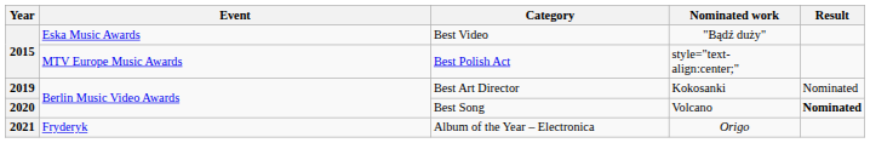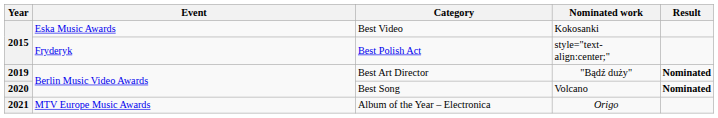 <table class="wikitable plainrowheaders" style="width:70%;">
 <tr>
 <th scope="col" style="width:4%;">Year</th>
 <th scope="col" style="width:50%;">Event</th>
 <th scope="col" style="width:30%;">Category</th>
 <th scope="col" style="width:50%;">Nominated work</th>
 <th scope="col" style="width:6%;">Result</th>
 </tr>
 <tr>
 <th scope="row" rowspan=2>2015</th>
 <td><a href='#'>Eska Music Awards</a></td>
 <td>Best Video</td>
-<td style="text-align:center;">"Bądź duży"</td>
+<td>Kokosanki</td>
 <td></td>
 </tr>
 <tr>
-<td><a href='#'>MTV Europe Music Awards</a></td>
+<td><a href='#'>Fryderyk</a></td>
 <td><a href='#'>Best Polish Act</a></td>
 <td>style="text-align:center;" </td>
 <td></td>
 </tr>
 <tr>
 <th>2019</th>
 <td rowspan="2"><a href='#'>Berlin Music Video Awards</a></td>
 <td>Best Art Director</td>
-<td>Kokosanki</td>
-<td>Nominated</td>
+<td style="text-align:center;">"Bądź duży"</td>
+<td><strong>Nominated</strong></td>
 </tr>
 <tr>
 <th>2020</th>
 <td>Best Song</td>
 <td>Volcano</td>
 <td><strong>Nominated</strong></td>
 </tr>
 <tr>
 <th scope="row">2021</th>
-<td><a href='#'>Fryderyk</a></td>
+<td><a href='#'>MTV Europe Music Awards</a></td>
 <td>Album of the Year – Electronica</td>
 <td style="text-align:center;"><em>Origo</em></td>
 <td></td>
 </tr>
 </table>
